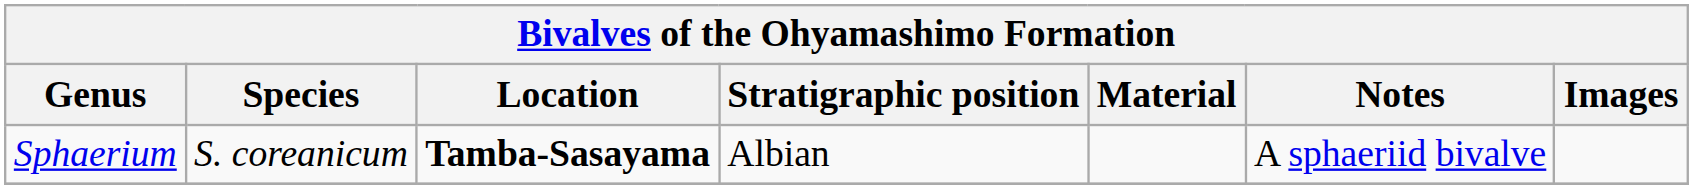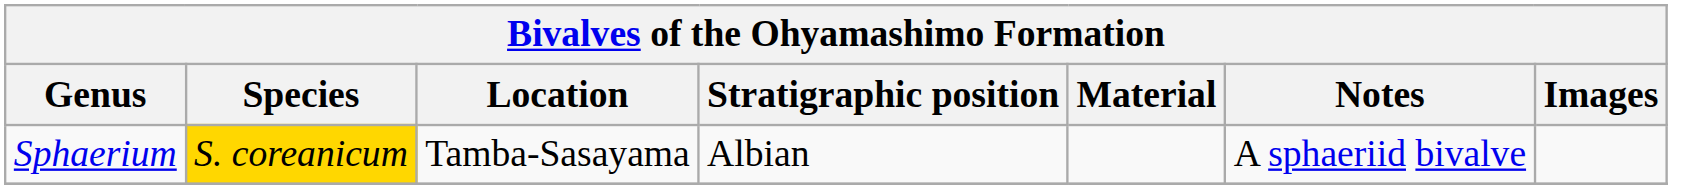 <table class="wikitable" align="center">
 <tr>
 <th colspan="7" align="center"><a href='#'>Bivalves</a> of the Ohyamashimo Formation</th>
 </tr>
 <tr>
 <th>Genus</th>
 <th>Species</th>
 <th>Location</th>
 <th>Stratigraphic position</th>
 <th>Material</th>
 <th>Notes</th>
 <th>Images</th>
 </tr>
 <tr>
 <td><em><a href='#'>Sphaerium</a></em></td>
-<td><em>S. coreanicum</em></td>
-<td><strong>Tamba-Sasayama</strong></td>
+<td style="background: gold;"><em>S. coreanicum</em></td>
+<td>Tamba-Sasayama</td>
 <td>Albian</td>
 <td></td>
 <td>A <a href='#'>sphaeriid</a> <a href='#'>bivalve</a></td>
 <td></td>
 </tr>
 <tr>
 </tr>
 </table>
